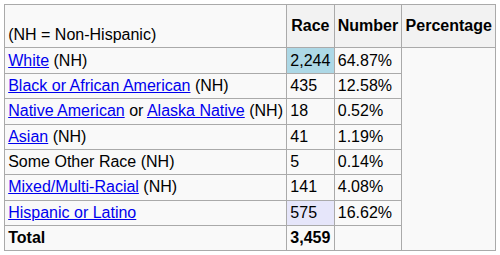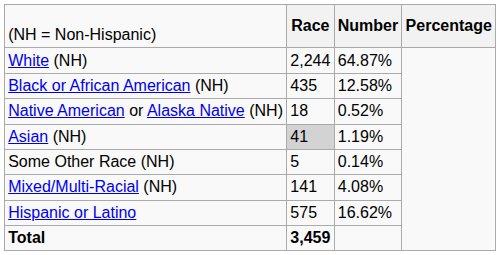 <table class="wikitable">
 <tr>
 <td><br> (NH = Non-Hispanic)</td>
 <th>Race</th>
 <th>Number</th>
 <th>Percentage</th>
 </tr>
 <tr>
 <td><a href='#'>White</a> (NH)</td>
-<td style="background: lightblue;">2,244</td>
+<td>2,244</td>
 <td>64.87%</td>
 </tr>
 <tr>
 <td><a href='#'>Black or African American</a> (NH)</td>
 <td>435</td>
 <td>12.58%</td>
 </tr>
 <tr>
 <td><a href='#'>Native American</a> or <a href='#'>Alaska Native</a> (NH)</td>
 <td>18</td>
 <td>0.52%</td>
 </tr>
 <tr>
 <td><a href='#'>Asian</a> (NH)</td>
-<td>41</td>
+<td style="background: lightgrey;">41</td>
 <td>1.19%</td>
 </tr>
 <tr>
 <td>Some Other Race (NH)</td>
 <td>5</td>
 <td>0.14%</td>
 </tr>
 <tr>
 <td><a href='#'>Mixed/Multi-Racial</a> (NH)</td>
 <td>141</td>
 <td>4.08%</td>
 </tr>
 <tr>
 <td><a href='#'>Hispanic or Latino</a></td>
-<td style="background: lavender;">575</td>
+<td>575</td>
 <td>16.62%</td>
 </tr>
 <tr>
 <td><strong>Total</strong></td>
 <td><strong>3,459</strong></td>
 <td></td>
 </tr>
 </table>
